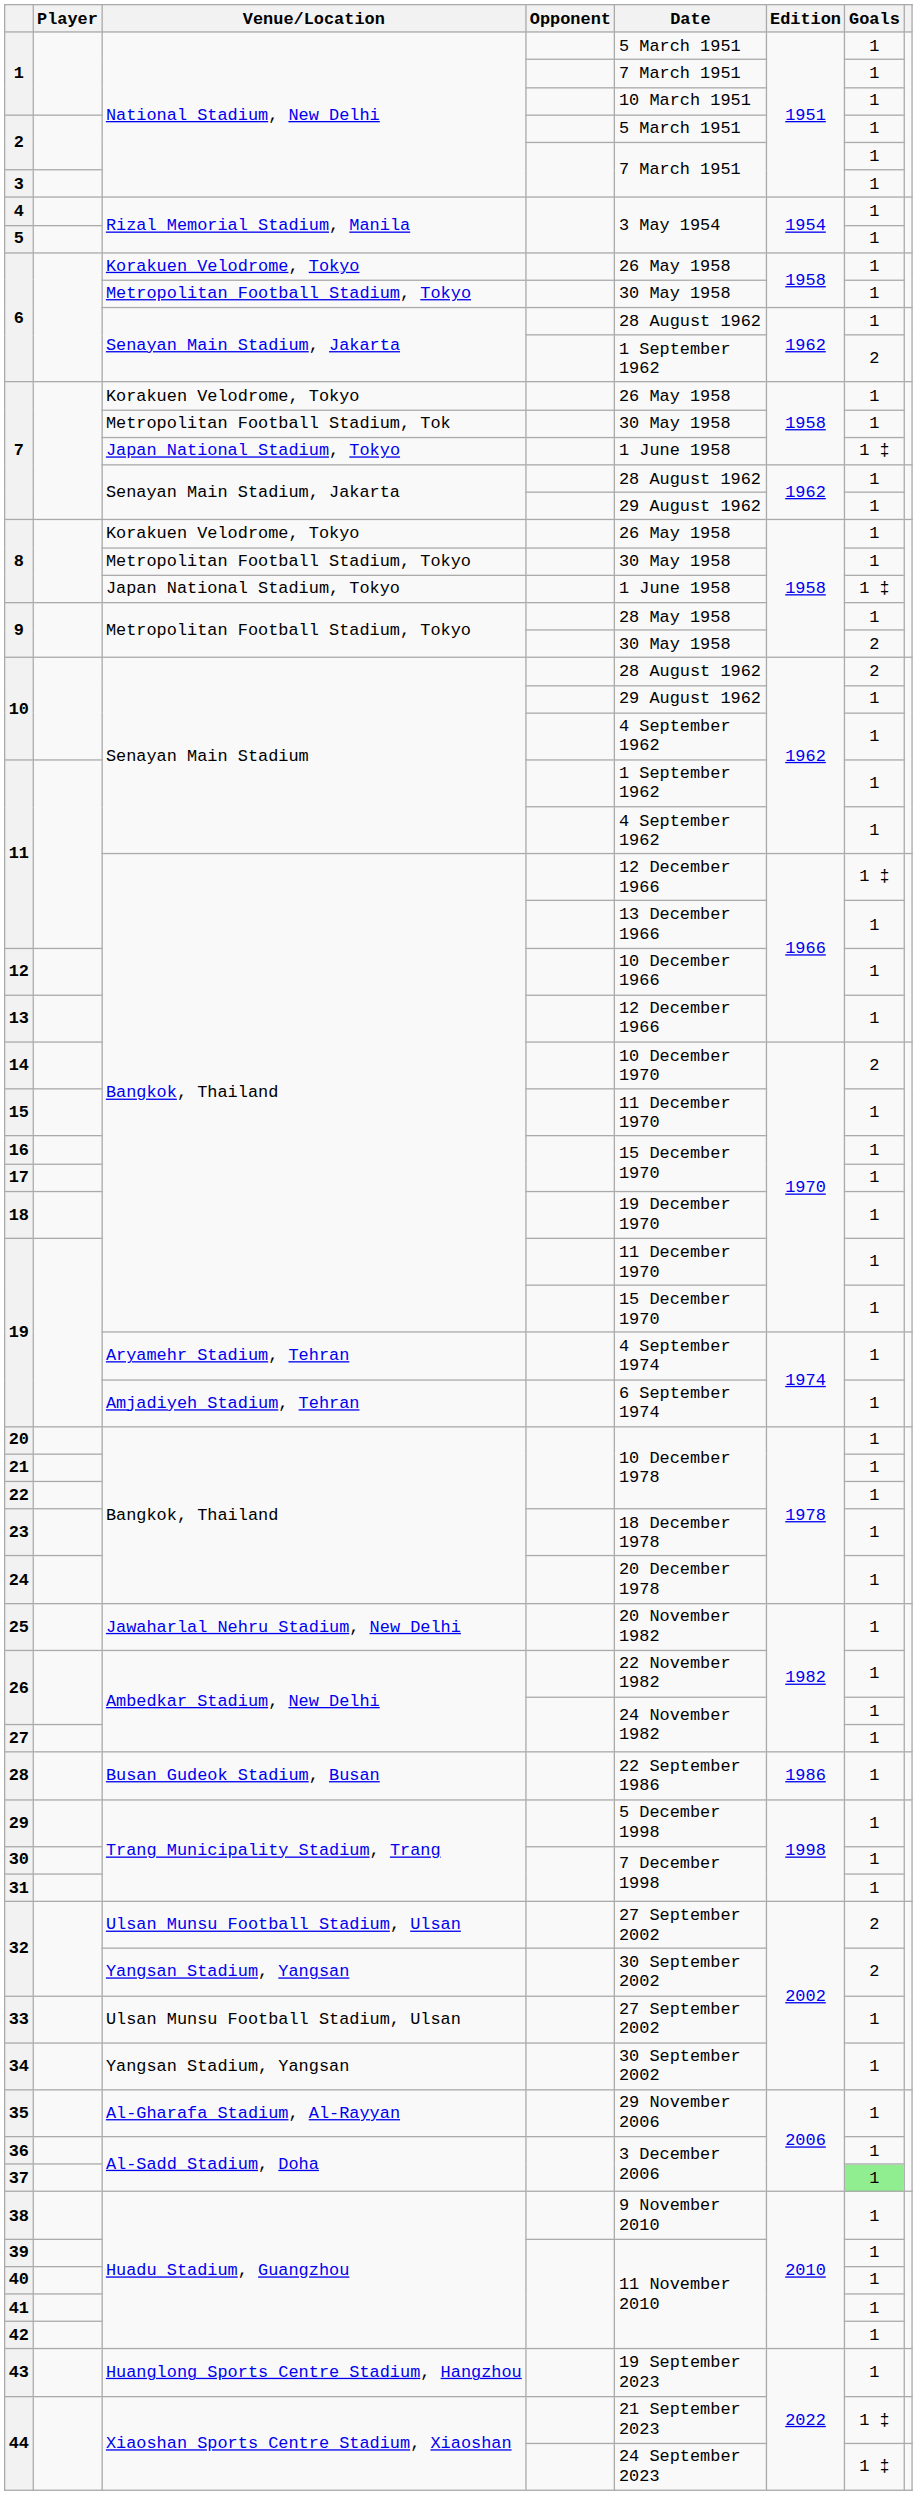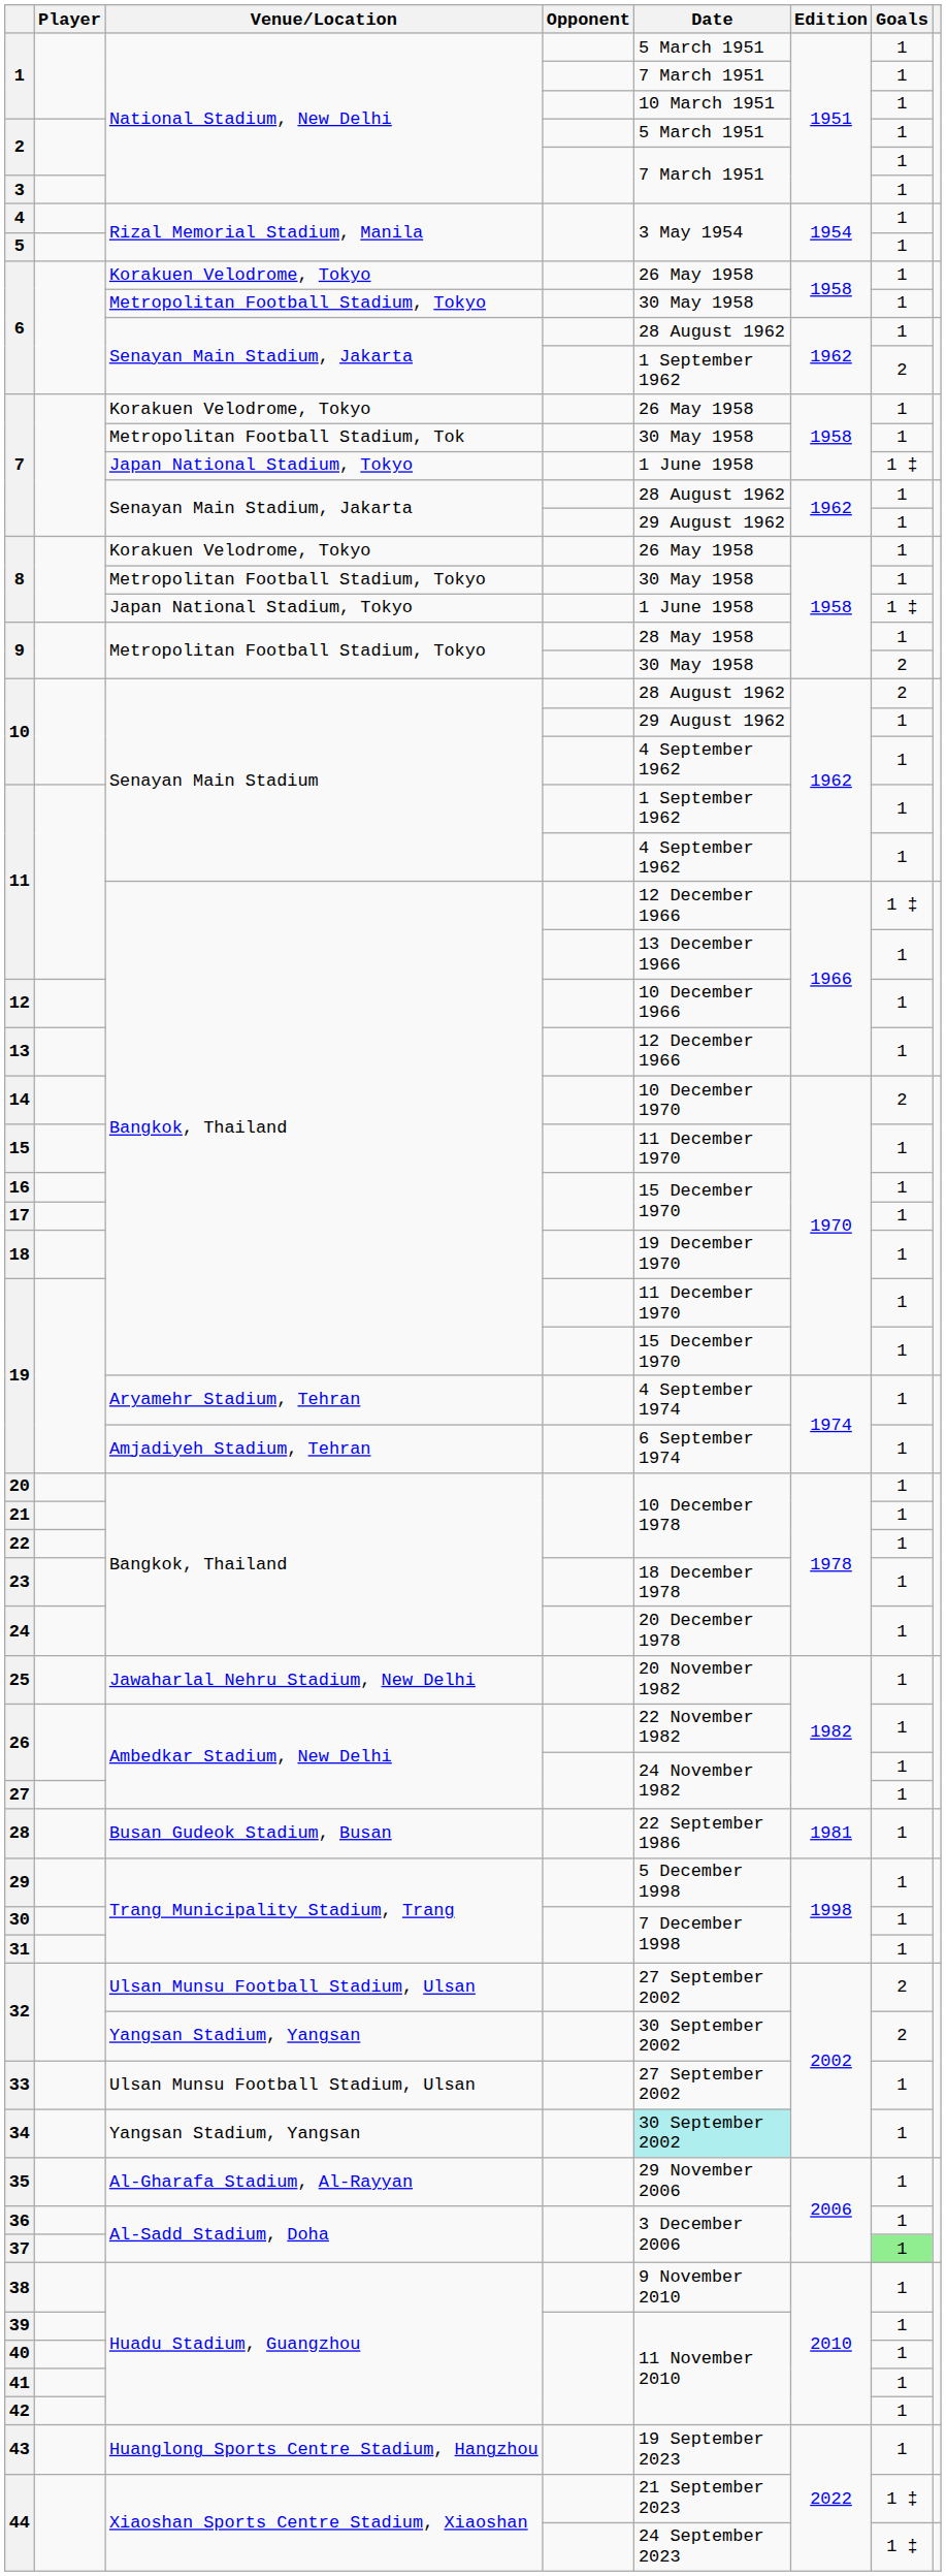 <table class="wikitable sortable" style="text-align:centre;" style="font-size:90%;">
 <tr>
 <th scope=col data-sort-type="number"></th>
 <th scope=col>Player</th>
 <th scope=col>Venue/Location</th>
 <th scope=col>Opponent</th>
 <th scope=col style="width:110px;">Date</th>
 <th scope=col>Edition</th>
 <th scope=col data-sort-type="number">Goals</th>
 <th scope="col" class=unsortable></th>
 </tr>
 <tr>
 <th scope=row rowspan="3">1</th>
 <td rowspan="3"></td>
 <td rowspan="6"><a href='#'>National Stadium</a>, <a href='#'>New Delhi</a></td>
 <td></td>
 <td>5 March 1951</td>
 <td rowspan="6" align=center><a href='#'>1951</a></td>
 <td align=center>1</td>
 <td rowspan="6" align=center></td>
 </tr>
 <tr>
 <td></td>
 <td>7 March 1951</td>
 <td align=center>1</td>
 </tr>
 <tr>
 <td></td>
 <td>10 March 1951</td>
 <td align=center>1</td>
 </tr>
 <tr>
 <th scope=row rowspan="2">2</th>
 <td rowspan="2"></td>
 <td></td>
 <td>5 March 1951</td>
 <td align=center>1</td>
 </tr>
 <tr>
 <td rowspan="2"></td>
 <td rowspan="2">7 March 1951</td>
 <td align=center>1</td>
 </tr>
 <tr>
 <th scope=row>3</th>
 <td></td>
 <td align=center>1</td>
 </tr>
 <tr>
 <th scope=row>4</th>
 <td></td>
 <td rowspan="2"><a href='#'>Rizal Memorial Stadium</a>, <a href='#'>Manila</a></td>
 <td rowspan="2"></td>
 <td rowspan="2">3 May 1954</td>
 <td rowspan="2" align=center><a href='#'>1954</a></td>
 <td align=center>1</td>
 <td rowspan="2" align=center></td>
 </tr>
 <tr>
 <th scope=row>5</th>
 <td></td>
 <td align=center>1</td>
 </tr>
 <tr>
 <th scope=row rowspan="4">6</th>
 <td rowspan="4"></td>
 <td><a href='#'>Korakuen Velodrome</a>, <a href='#'>Tokyo</a></td>
 <td></td>
 <td>26 May 1958</td>
 <td rowspan="2" align=center><a href='#'>1958</a></td>
 <td align=center>1</td>
 <td align=center rowspan="2"></td>
 </tr>
 <tr>
 <td><a href='#'>Metropolitan Football Stadium</a>, <a href='#'>Tokyo</a></td>
 <td></td>
 <td>30 May 1958</td>
 <td align=center>1</td>
 </tr>
 <tr>
 <td rowspan="2"><a href='#'>Senayan Main Stadium</a>, <a href='#'>Jakarta</a></td>
 <td></td>
 <td>28 August 1962</td>
 <td rowspan="2" align=center><a href='#'>1962</a></td>
 <td align=center>1</td>
 <td align=center rowspan="2"></td>
 </tr>
 <tr>
 <td></td>
 <td>1 September 1962</td>
 <td align=center>2</td>
 </tr>
 <tr>
 <th scope=row rowspan="5">7</th>
 <td rowspan="5"></td>
 <td>Korakuen Velodrome, Tokyo</td>
 <td></td>
 <td>26 May 1958</td>
 <td rowspan="3" align=center><a href='#'>1958</a></td>
 <td align=center>1</td>
 <td align=center rowspan="3"></td>
 </tr>
 <tr>
 <td>Metropolitan Football Stadium, Tok</td>
 <td></td>
 <td>30 May 1958</td>
 <td align=center>1</td>
 </tr>
 <tr>
 <td><a href='#'>Japan National Stadium</a>, <a href='#'>Tokyo</a></td>
 <td></td>
 <td>1 June 1958</td>
 <td align=center>1 ‡</td>
 </tr>
 <tr>
 <td rowspan="2">Senayan Main Stadium, Jakarta</td>
 <td></td>
 <td>28 August 1962</td>
 <td rowspan="2" align=center><a href='#'>1962</a></td>
 <td align=center>1</td>
 <td align=center rowspan="2"></td>
 </tr>
 <tr>
 <td></td>
 <td>29 August 1962</td>
 <td align=center>1</td>
 </tr>
 <tr>
 <th scope=row rowspan="3">8</th>
 <td rowspan="3"></td>
 <td>Korakuen Velodrome, Tokyo</td>
 <td></td>
 <td>26 May 1958</td>
 <td rowspan="5" align=center><a href='#'>1958</a></td>
 <td align=center>1</td>
 <td align=center rowspan="5"></td>
 </tr>
 <tr>
 <td>Metropolitan Football Stadium, Tokyo</td>
 <td></td>
 <td>30 May 1958</td>
 <td align=center>1</td>
 </tr>
 <tr>
 <td>Japan National Stadium, Tokyo</td>
 <td></td>
 <td>1 June 1958</td>
 <td align=center>1 ‡</td>
 </tr>
 <tr>
 <th scope=row rowspan="2">9</th>
 <td rowspan="2"></td>
 <td rowspan="2">Metropolitan Football Stadium, Tokyo</td>
 <td></td>
 <td>28 May 1958</td>
 <td align=center>1</td>
 </tr>
 <tr>
 <td></td>
 <td>30 May 1958</td>
 <td align=center>2</td>
 </tr>
 <tr>
 <th scope=row rowspan="3">10</th>
 <td rowspan="3"></td>
 <td rowspan="5">Senayan Main Stadium</td>
 <td></td>
 <td>28 August 1962</td>
 <td rowspan="5" align=center><a href='#'>1962</a></td>
 <td align=center>2</td>
 <td align=center rowspan="5"></td>
 </tr>
 <tr>
 <td></td>
 <td>29 August 1962</td>
 <td align=center>1</td>
 </tr>
 <tr>
 <td></td>
 <td>4 September 1962</td>
 <td align=center>1</td>
 </tr>
 <tr>
 <th scope=row rowspan="4">11</th>
 <td rowspan="4"></td>
 <td></td>
 <td>1 September 1962</td>
 <td align=center>1</td>
 </tr>
 <tr>
 <td></td>
 <td>4 September 1962</td>
 <td align=center>1</td>
 </tr>
 <tr>
 <td rowspan="11"><a href='#'>Bangkok</a>, Thailand</td>
 <td></td>
 <td>12 December 1966</td>
 <td rowspan="4" align=center><a href='#'>1966</a></td>
 <td align=center>1 ‡</td>
 <td align=center rowspan="4"></td>
 </tr>
 <tr>
 <td></td>
 <td>13 December 1966</td>
 <td align=center>1</td>
 </tr>
 <tr>
 <th scope=row>12</th>
 <td></td>
 <td></td>
 <td>10 December 1966</td>
 <td align=center>1</td>
 </tr>
 <tr>
 <th scope=row>13</th>
 <td></td>
 <td></td>
 <td>12 December 1966</td>
 <td align=center>1</td>
 </tr>
 <tr>
 <th scope=row>14</th>
 <td></td>
 <td></td>
 <td>10 December 1970</td>
 <td rowspan="7" align=center><a href='#'>1970</a></td>
 <td align=center>2</td>
 <td rowspan="7" align=center></td>
 </tr>
 <tr>
 <th scope=row>15</th>
 <td></td>
 <td></td>
 <td>11 December 1970</td>
 <td align=center>1</td>
 </tr>
 <tr>
 <th scope=row>16</th>
 <td></td>
 <td rowspan="2"></td>
 <td rowspan="2">15 December 1970</td>
 <td align=center>1</td>
 </tr>
 <tr>
 <th scope=row>17</th>
 <td></td>
 <td align=center>1</td>
 </tr>
 <tr>
 <th scope=row>18</th>
 <td></td>
 <td></td>
 <td>19 December 1970</td>
 <td align=center>1</td>
 </tr>
 <tr>
 <th scope=row rowspan="4">19</th>
 <td rowspan="4"></td>
 <td></td>
 <td>11 December 1970</td>
 <td align=center>1</td>
 </tr>
 <tr>
 <td></td>
 <td>15 December 1970</td>
 <td align=center>1</td>
 </tr>
 <tr>
 <td><a href='#'>Aryamehr Stadium</a>, <a href='#'>Tehran</a></td>
 <td></td>
 <td>4 September 1974</td>
 <td rowspan="2" align=center><a href='#'>1974</a></td>
 <td align=center>1</td>
 <td rowspan="2" align=center></td>
 </tr>
 <tr>
 <td><a href='#'>Amjadiyeh Stadium</a>, <a href='#'>Tehran</a></td>
 <td></td>
 <td>6 September 1974</td>
 <td align=center>1</td>
 </tr>
 <tr>
 <th scope=row>20</th>
 <td></td>
 <td rowspan="5">Bangkok, Thailand</td>
 <td rowspan="3"></td>
 <td rowspan="3">10 December 1978</td>
 <td rowspan="5" align=center><a href='#'>1978</a></td>
 <td align=center>1</td>
 <td rowspan="5" align=center></td>
 </tr>
 <tr>
 <th scope=row>21</th>
 <td></td>
 <td align=center>1</td>
 </tr>
 <tr>
 <th scope=row>22</th>
 <td></td>
 <td align=center>1</td>
 </tr>
 <tr>
 <th scope=row>23</th>
 <td></td>
 <td></td>
 <td>18 December 1978</td>
 <td align=center>1</td>
 </tr>
 <tr>
 <th scope=row>24</th>
 <td></td>
 <td></td>
 <td>20 December 1978</td>
 <td align=center>1</td>
 </tr>
 <tr>
 <th scope=row>25</th>
 <td></td>
 <td><a href='#'>Jawaharlal Nehru Stadium</a>, <a href='#'>New Delhi</a></td>
 <td></td>
 <td>20 November 1982</td>
 <td rowspan="4" align=center><a href='#'>1982</a></td>
 <td align=center>1</td>
 <td rowspan="4" align=center></td>
 </tr>
 <tr>
 <th scope=row rowspan="2">26</th>
 <td rowspan="2"></td>
 <td rowspan="3"><a href='#'>Ambedkar Stadium</a>, <a href='#'>New Delhi</a></td>
 <td></td>
 <td>22 November 1982</td>
 <td align=center>1</td>
 </tr>
 <tr>
 <td rowspan="2"></td>
 <td rowspan="2">24 November 1982</td>
 <td align=center>1</td>
 </tr>
 <tr>
 <th scope=row>27</th>
 <td></td>
 <td align=center>1</td>
 </tr>
 <tr>
 <th scope=row>28</th>
 <td></td>
 <td><a href='#'>Busan Gudeok Stadium</a>, <a href='#'>Busan</a></td>
 <td></td>
 <td>22 September 1986</td>
-<td align=center><a href='#'>1986</a></td>
+<td align=center><a href='#'>1981</a></td>
 <td align=center>1</td>
 <td align=center></td>
 </tr>
 <tr>
 <th scope=row>29</th>
 <td></td>
 <td rowspan="3"><a href='#'>Trang Municipality Stadium</a>, <a href='#'>Trang</a></td>
 <td></td>
 <td>5 December 1998</td>
 <td align=center rowspan="3"><a href='#'>1998</a></td>
 <td align=center>1</td>
 <td rowspan="3" align=center></td>
 </tr>
 <tr>
 <th scope=row>30</th>
 <td></td>
 <td rowspan="2"></td>
 <td rowspan="2">7 December 1998</td>
 <td align=center>1</td>
 </tr>
 <tr>
 <th scope=row>31</th>
 <td></td>
 <td align=center>1</td>
 </tr>
 <tr>
 <th scope=row rowspan="2">32</th>
 <td rowspan="2"></td>
 <td><a href='#'>Ulsan Munsu Football Stadium</a>, <a href='#'>Ulsan</a></td>
 <td></td>
 <td>27 September 2002</td>
 <td align=center rowspan="4"><a href='#'>2002</a></td>
 <td align=center>2</td>
 <td align=center rowspan="4"></td>
 </tr>
 <tr>
 <td><a href='#'>Yangsan Stadium</a>, <a href='#'>Yangsan</a></td>
 <td></td>
 <td>30 September 2002</td>
 <td align=center>2</td>
 </tr>
 <tr>
 <th scope=row>33</th>
 <td></td>
 <td>Ulsan Munsu Football Stadium, Ulsan</td>
 <td></td>
 <td>27 September 2002</td>
 <td align=center>1</td>
 </tr>
 <tr>
 <th scope=row>34</th>
 <td></td>
 <td>Yangsan Stadium, Yangsan</td>
 <td></td>
-<td>30 September 2002</td>
+<td style="background: paleturquoise;">30 September 2002</td>
 <td align=center>1</td>
 </tr>
 <tr>
 <th scope=row>35</th>
 <td></td>
 <td><a href='#'>Al-Gharafa Stadium</a>, <a href='#'>Al-Rayyan</a></td>
 <td></td>
 <td>29 November 2006</td>
 <td align=center rowspan="3"><a href='#'>2006</a></td>
 <td align=center>1</td>
 <td align=center rowspan="3"></td>
 </tr>
 <tr>
 <th scope=row>36</th>
 <td></td>
 <td rowspan="2"><a href='#'>Al-Sadd Stadium</a>, <a href='#'>Doha</a></td>
 <td rowspan="2"></td>
 <td rowspan="2">3 December 2006</td>
 <td align=center>1</td>
 </tr>
 <tr>
 <th scope=row>37</th>
 <td></td>
 <td align=center style="background: lightgreen;">1</td>
 </tr>
 <tr>
 <th scope=row>38</th>
 <td></td>
 <td rowspan="5"><a href='#'>Huadu Stadium</a>, <a href='#'>Guangzhou</a></td>
 <td></td>
 <td>9 November 2010</td>
 <td align=center rowspan="5"><a href='#'>2010</a></td>
 <td align=center>1</td>
 <td align=center rowspan="5"></td>
 </tr>
 <tr>
 <th scope=row>39</th>
 <td></td>
 <td rowspan="4"></td>
 <td rowspan="4">11 November 2010</td>
 <td align=center>1</td>
 </tr>
 <tr>
 <th scope=row>40</th>
 <td></td>
 <td align=center>1</td>
 </tr>
 <tr>
 <th scope=row>41</th>
 <td></td>
 <td align=center>1</td>
 </tr>
 <tr>
 <th scope=row>42</th>
 <td></td>
 <td align=center>1</td>
 </tr>
 <tr>
 <th scope=row>43</th>
 <td></td>
 <td><a href='#'>Huanglong Sports Centre Stadium</a>, <a href='#'>Hangzhou</a></td>
 <td></td>
 <td>19 September 2023</td>
 <td align=center rowspan="3"><a href='#'>2022</a></td>
 <td align=center>1</td>
 <td></td>
 </tr>
 <tr>
 <th scope=row rowspan="2">44</th>
 <td rowspan="2"></td>
 <td rowspan="2"><a href='#'>Xiaoshan Sports Centre Stadium</a>,  <a href='#'>Xiaoshan</a></td>
 <td></td>
 <td>21 September 2023</td>
 <td align=center>1 ‡</td>
 <td></td>
 </tr>
 <tr>
 <td></td>
 <td>24 September 2023</td>
 <td align=center>1 ‡</td>
 <td></td>
 </tr>
 </table>
